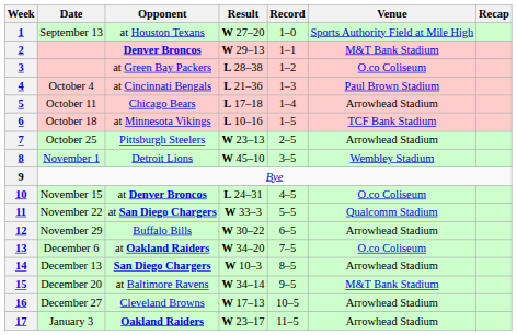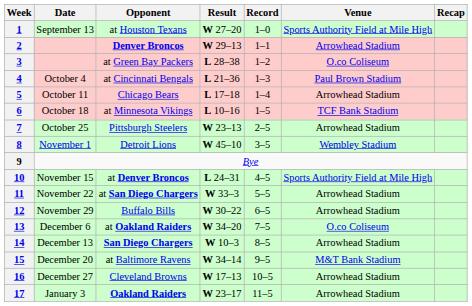 <table class="wikitable" style="text-align:center">
 <tr>
 <th>Week</th>
 <th>Date</th>
 <th>Opponent</th>
 <th>Result</th>
 <th>Record</th>
 <th>Venue</th>
 <th>Recap</th>
 </tr>
 <tr style="background:#cfc">
 <th><a href='#'>1</a></th>
 <td>September 13</td>
 <td>at <a href='#'>Houston Texans</a></td>
 <td><strong>W</strong> 27–20</td>
 <td>1–0</td>
 <td><a href='#'>Sports Authority Field at Mile High</a></td>
 <td></td>
 </tr>
 <tr style="background:#fcc">
 <th><a href='#'>2</a></th>
 <td></td>
 <td><strong><a href='#'>Denver Broncos</a></strong></td>
 <td><strong>W</strong> 29–13</td>
 <td>1–1</td>
-<td><a href='#'>M&T Bank Stadium</a></td>
+<td><a href='#'>Arrowhead Stadium</a></td>
 <td></td>
 </tr>
 <tr style="background:#fcc">
 <th><a href='#'>3</a></th>
 <td></td>
 <td>at <a href='#'>Green Bay Packers</a></td>
 <td><strong>L</strong> 28–38</td>
 <td>1–2</td>
 <td><a href='#'>O.co Coliseum</a></td>
 <td></td>
 </tr>
 <tr style="background:#fcc">
 <th><a href='#'>4</a></th>
 <td>October 4</td>
 <td>at <a href='#'>Cincinnati Bengals</a></td>
 <td><strong>L</strong> 21–36</td>
 <td>1–3</td>
 <td><a href='#'>Paul Brown Stadium</a></td>
 <td></td>
 </tr>
 <tr style="background:#fcc">
 <th><a href='#'>5</a></th>
 <td>October 11</td>
 <td><a href='#'>Chicago Bears</a></td>
 <td><strong>L</strong> 17–18</td>
 <td>1–4</td>
 <td>Arrowhead Stadium</td>
 <td></td>
 </tr>
 <tr style="background:#fcc">
 <th><a href='#'>6</a></th>
 <td>October 18</td>
 <td>at <a href='#'>Minnesota Vikings</a></td>
 <td><strong>L</strong> 10–16</td>
 <td>1–5</td>
 <td><a href='#'>TCF Bank Stadium</a></td>
 <td></td>
 </tr>
 <tr style="background:#cfc">
 <th><a href='#'>7</a></th>
 <td>October 25</td>
 <td><a href='#'>Pittsburgh Steelers</a></td>
 <td><strong>W</strong> 23–13</td>
 <td>2–5</td>
 <td>Arrowhead Stadium</td>
 <td></td>
 </tr>
 <tr style="background:#cfc">
 <th><a href='#'>8</a></th>
 <td><a href='#'>November 1</a></td>
 <td><a href='#'>Detroit Lions</a></td>
 <td><strong>W</strong> 45–10</td>
 <td>3–5</td>
 <td> <a href='#'>Wembley Stadium</a> </td>
 <td></td>
 </tr>
 <tr>
 <th>9</th>
 <td colspan="6"><em><a href='#'>Bye</a></em></td>
 </tr>
 <tr style="background:#cfc">
 <th><a href='#'>10</a></th>
 <td>November 15</td>
 <td>at <strong><a href='#'>Denver Broncos</a></strong></td>
 <td><strong>L</strong> 24–31</td>
 <td>4–5</td>
-<td><a href='#'>O.co Coliseum</a></td>
+<td><a href='#'>Sports Authority Field at Mile High</a></td>
 <td></td>
 </tr>
 <tr style="background:#cfc">
 <th><a href='#'>11</a></th>
 <td>November 22</td>
 <td>at <strong><a href='#'>San Diego Chargers</a></strong></td>
 <td><strong>W</strong> 33–3</td>
 <td>5–5</td>
-<td><a href='#'>Qualcomm Stadium</a></td>
+<td>Arrowhead Stadium</td>
 <td></td>
 </tr>
 <tr style="background:#cfc">
 <th><a href='#'>12</a></th>
 <td>November 29</td>
 <td><a href='#'>Buffalo Bills</a></td>
 <td><strong>W</strong> 30–22</td>
 <td>6–5</td>
 <td>Arrowhead Stadium</td>
 <td></td>
 </tr>
 <tr style="background:#cfc">
 <th><a href='#'>13</a></th>
 <td>December 6</td>
 <td>at <strong><a href='#'>Oakland Raiders</a></strong></td>
 <td><strong>W</strong> 34–20</td>
 <td>7–5</td>
 <td><a href='#'>O.co Coliseum</a></td>
 <td></td>
 </tr>
 <tr style="background:#cfc">
 <th><a href='#'>14</a></th>
 <td>December 13</td>
 <td><strong><a href='#'>San Diego Chargers</a></strong></td>
 <td><strong>W</strong> 10–3</td>
 <td>8–5</td>
 <td>Arrowhead Stadium</td>
 <td></td>
 </tr>
 <tr style="background:#cfc">
 <th><a href='#'>15</a></th>
 <td>December 20</td>
 <td>at <a href='#'>Baltimore Ravens</a></td>
 <td><strong>W</strong> 34–14</td>
 <td>9–5</td>
 <td><a href='#'>M&T Bank Stadium</a></td>
 <td></td>
 </tr>
 <tr style="background:#cfc">
 <th><a href='#'>16</a></th>
 <td>December 27</td>
 <td><a href='#'>Cleveland Browns</a></td>
 <td><strong>W</strong> 17–13</td>
 <td>10–5</td>
 <td>Arrowhead Stadium</td>
 <td></td>
 </tr>
 <tr style="background:#cfc">
 <th><a href='#'>17</a></th>
 <td>January 3</td>
 <td><strong><a href='#'>Oakland Raiders</a></strong></td>
 <td><strong>W</strong> 23–17</td>
 <td>11–5</td>
 <td>Arrowhead Stadium</td>
 <td></td>
 </tr>
 </table>
